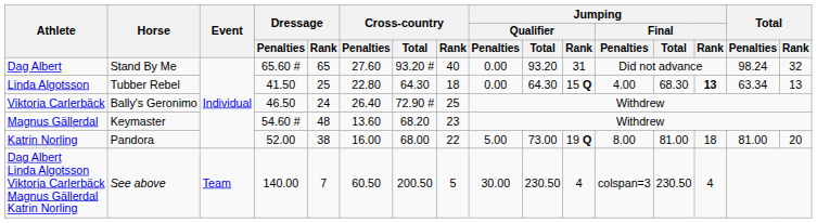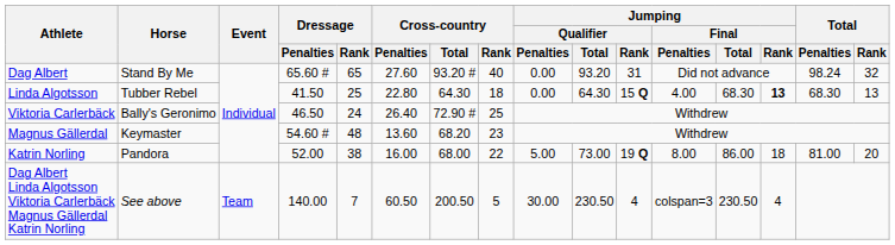 <table class=wikitable style="font-size:90%">
 <tr>
 <th rowspan="3">Athlete</th>
 <th rowspan="3">Horse</th>
 <th rowspan="3">Event</th>
 <th colspan="2" rowspan="2">Dressage</th>
 <th colspan="3" rowspan="2">Cross-country</th>
 <th colspan="6">Jumping</th>
 <th colspan="2" rowspan="2">Total</th>
 </tr>
 <tr style="font-size:95%">
 <th colspan="3">Qualifier</th>
 <th colspan="3">Final</th>
 </tr>
 <tr style="font-size:95%">
 <th>Penalties</th>
 <th>Rank</th>
 <th>Penalties</th>
 <th>Total</th>
 <th>Rank</th>
 <th>Penalties</th>
 <th>Total</th>
 <th>Rank</th>
 <th>Penalties</th>
 <th>Total</th>
 <th>Rank</th>
 <th>Penalties</th>
 <th>Rank</th>
 </tr>
 <tr align=center>
 <td align=left><a href='#'>Dag Albert</a></td>
 <td align=left>Stand By Me</td>
 <td align=left rowspan=5><a href='#'>Individual</a></td>
 <td>65.60 #</td>
 <td>65</td>
 <td>27.60</td>
 <td>93.20 #</td>
 <td>40</td>
 <td>0.00</td>
 <td>93.20</td>
 <td>31</td>
 <td colspan=3>Did not advance</td>
 <td>98.24</td>
 <td>32</td>
 </tr>
 <tr align=center>
 <td align=left><a href='#'>Linda Algotsson</a></td>
 <td align=left>Tubber Rebel</td>
 <td>41.50</td>
 <td>25</td>
 <td>22.80</td>
 <td>64.30</td>
 <td>18</td>
 <td>0.00</td>
 <td>64.30</td>
 <td>15 <strong>Q</strong></td>
 <td>4.00</td>
 <td>68.30</td>
 <td><strong>13</strong></td>
-<td>63.34</td>
+<td>68.30</td>
 <td>13</td>
 </tr>
 <tr align=center>
 <td align=left><a href='#'>Viktoria Carlerbäck</a></td>
 <td align=left>Bally's Geronimo</td>
 <td>46.50</td>
 <td>24</td>
 <td>26.40</td>
 <td>72.90 #</td>
 <td>25</td>
 <td colspan=8>Withdrew</td>
 </tr>
 <tr align=center>
 <td align=left><a href='#'>Magnus Gällerdal</a></td>
 <td align=left>Keymaster</td>
 <td>54.60 #</td>
 <td>48</td>
 <td>13.60</td>
 <td>68.20</td>
 <td>23</td>
 <td colspan=8>Withdrew</td>
 </tr>
 <tr align=center>
 <td align=left><a href='#'>Katrin Norling</a></td>
 <td align=left>Pandora</td>
 <td>52.00</td>
 <td>38</td>
 <td>16.00</td>
 <td>68.00</td>
 <td>22</td>
 <td>5.00</td>
 <td>73.00</td>
 <td>19 <strong>Q</strong></td>
 <td>8.00</td>
-<td>81.00</td>
+<td>86.00</td>
 <td>18</td>
 <td>81.00</td>
 <td>20</td>
 </tr>
 <tr align=center>
 <td align=left><a href='#'>Dag Albert</a><br><a href='#'>Linda Algotsson</a><br><a href='#'>Viktoria Carlerbäck</a><br><a href='#'>Magnus Gällerdal</a><br><a href='#'>Katrin Norling</a></td>
 <td align=left><em>See above</em></td>
 <td align=left><a href='#'>Team</a></td>
 <td>140.00</td>
 <td>7</td>
 <td>60.50</td>
 <td>200.50</td>
 <td>5</td>
 <td>30.00</td>
 <td>230.50</td>
 <td>4</td>
 <td>colspan=3 </td>
 <td>230.50</td>
 <td>4</td>
 </tr>
 </table>
